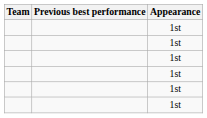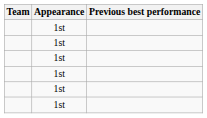 <table class="wikitable sortable">
 <tr>
 <th>Team</th>
+<th data-sort-type="number">Appearance</th>
 <th>Previous best performance</th>
-<th data-sort-type="number">Appearance</th>
 </tr>
 <tr>
 <td></td>
+<td style="text-align:center">1st</td>
 <td></td>
-<td style="text-align:center">1st</td>
 </tr>
 <tr>
 <td></td>
+<td style="text-align:center">1st</td>
 <td></td>
-<td style="text-align:center">1st</td>
 </tr>
 <tr>
 <td></td>
+<td style="text-align:center">1st</td>
 <td></td>
-<td style="text-align:center">1st</td>
 </tr>
 <tr>
 <td></td>
+<td style="text-align:center">1st</td>
 <td></td>
-<td style="text-align:center">1st</td>
 </tr>
 <tr>
 <td></td>
+<td style="text-align:center">1st</td>
 <td></td>
-<td style="text-align:center">1st</td>
 </tr>
 <tr>
 <td></td>
+<td style="text-align:center">1st</td>
 <td></td>
-<td style="text-align:center">1st</td>
 </tr>
 </table>
